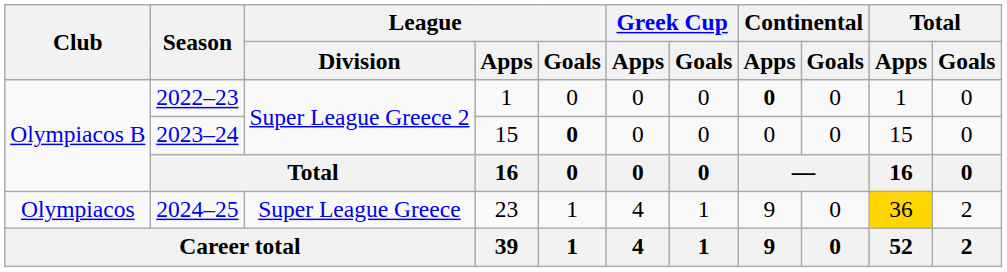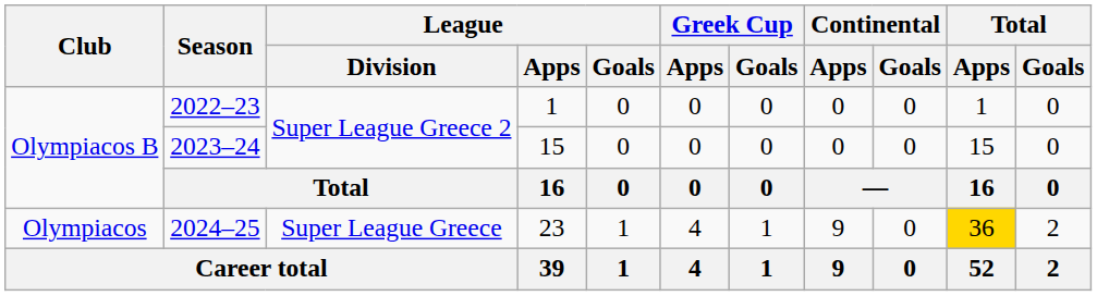 <table class="wikitable" style="text-align:center">
 <tr>
 <th rowspan="2">Club</th>
 <th rowspan="2">Season</th>
 <th colspan="3">League</th>
 <th colspan="2"><a href='#'>Greek Cup</a></th>
 <th colspan="2">Continental</th>
 <th colspan="2">Total</th>
 </tr>
 <tr>
 <th>Division</th>
 <th>Apps</th>
 <th>Goals</th>
 <th>Apps</th>
 <th>Goals</th>
 <th>Apps</th>
 <th>Goals</th>
 <th>Apps</th>
 <th>Goals</th>
 </tr>
 <tr>
 <td rowspan="3"><a href='#'>Olympiacos B</a></td>
 <td><a href='#'>2022–23</a></td>
 <td rowspan="2"><a href='#'>Super League Greece 2</a></td>
 <td>1</td>
 <td>0</td>
 <td>0</td>
 <td>0</td>
-<td><strong>0</strong></td>
+<td>0</td>
 <td>0</td>
 <td>1</td>
 <td>0</td>
 </tr>
 <tr>
 <td><a href='#'>2023–24</a></td>
 <td>15</td>
-<td><strong>0</strong></td>
+<td>0</td>
 <td>0</td>
 <td>0</td>
 <td>0</td>
 <td>0</td>
 <td>15</td>
 <td>0</td>
 </tr>
 <tr>
 <th colspan="2">Total</th>
 <th>16</th>
 <th>0</th>
 <th>0</th>
 <th>0</th>
 <th colspan="2">—</th>
 <th>16</th>
 <th>0</th>
 </tr>
 <tr>
 <td><a href='#'>Olympiacos</a></td>
 <td><a href='#'>2024–25</a></td>
 <td><a href='#'>Super League Greece</a></td>
 <td>23</td>
 <td>1</td>
 <td>4</td>
 <td>1</td>
 <td>9</td>
 <td>0</td>
 <td style="background: gold;">36</td>
 <td>2</td>
 </tr>
 <tr>
 <th colspan="3">Career total</th>
 <th>39</th>
 <th>1</th>
 <th>4</th>
 <th>1</th>
 <th>9</th>
 <th>0</th>
 <th>52</th>
 <th>2</th>
 </tr>
 </table>
